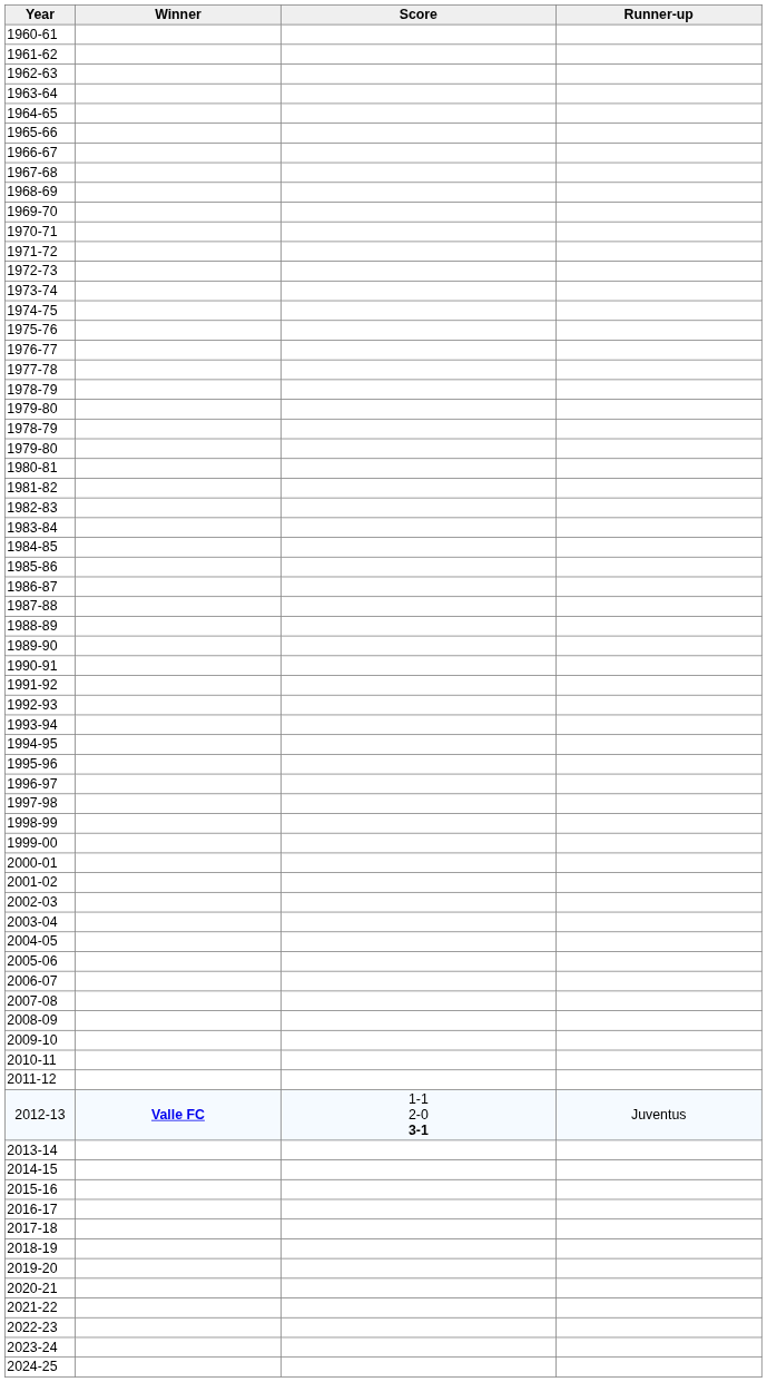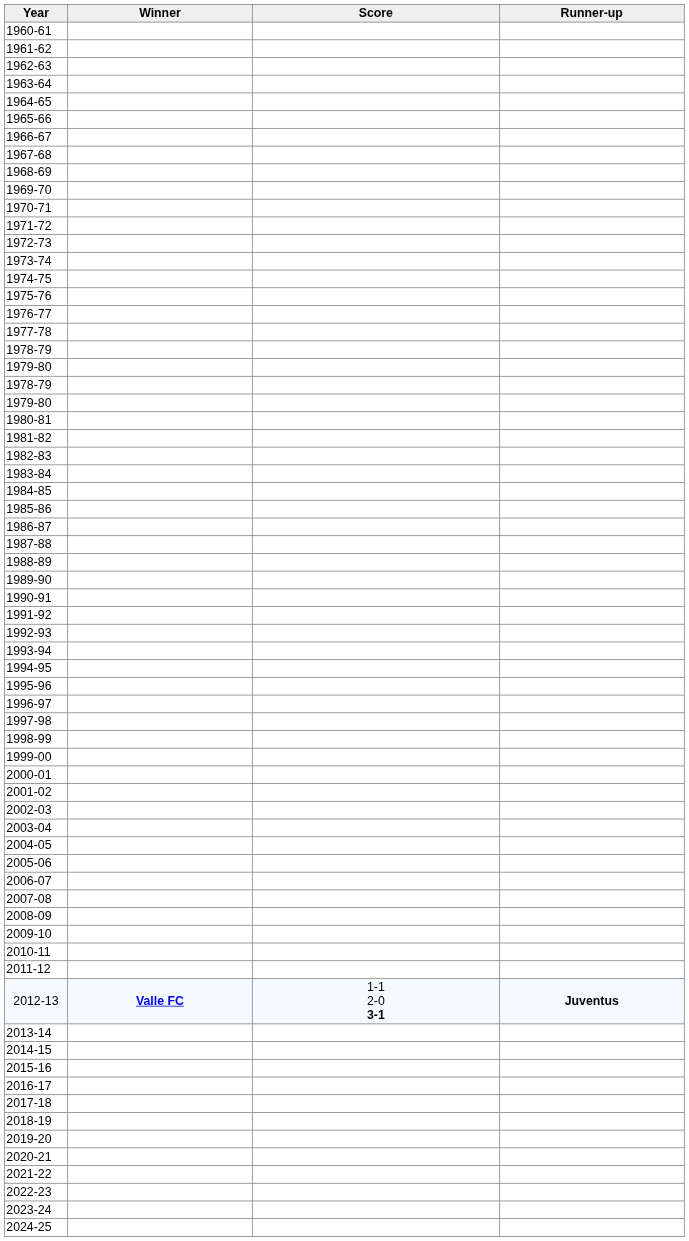 <table border=1 style="border-collapse:collapse" cellpadding=2 cellspacing=0 width=100%>
 <tr align=center style="background:#efefef;">
 <th width=5%>Year</th>
 <th width=15%>Winner</th>
 <th width=20%>Score</th>
 <th width=15%>Runner-up</th>
 </tr>
 <tr>
 <td>1960-61</td>
 <td></td>
 <td></td>
 <td></td>
 </tr>
 <tr>
 <td>1961-62</td>
 <td></td>
 <td></td>
 <td></td>
 </tr>
 <tr>
 <td>1962-63</td>
 <td></td>
 <td></td>
 <td></td>
 </tr>
 <tr>
 <td>1963-64</td>
 <td></td>
 <td></td>
 <td></td>
 </tr>
 <tr>
 <td>1964-65</td>
 <td></td>
 <td></td>
 <td></td>
 </tr>
 <tr>
 <td>1965-66</td>
 <td></td>
 <td></td>
 <td></td>
 </tr>
 <tr>
 <td>1966-67</td>
 <td></td>
 <td></td>
 <td></td>
 </tr>
 <tr>
 <td>1967-68</td>
 <td></td>
 <td></td>
 <td></td>
 </tr>
 <tr>
 <td>1968-69</td>
 <td></td>
 <td></td>
 <td></td>
 </tr>
 <tr>
 <td>1969-70</td>
 <td></td>
 <td></td>
 <td></td>
 </tr>
 <tr>
 <td>1970-71</td>
 <td></td>
 <td></td>
 <td></td>
 </tr>
 <tr>
 <td>1971-72</td>
 <td></td>
 <td></td>
 <td></td>
 </tr>
 <tr>
 <td>1972-73</td>
 <td></td>
 <td></td>
 <td></td>
 </tr>
 <tr>
 <td>1973-74</td>
 <td></td>
 <td></td>
 <td></td>
 </tr>
 <tr>
 <td>1974-75</td>
 <td></td>
 <td></td>
 <td></td>
 </tr>
 <tr>
 <td>1975-76</td>
 <td></td>
 <td></td>
 <td></td>
 </tr>
 <tr>
 <td>1976-77</td>
 <td></td>
 <td></td>
 <td></td>
 </tr>
 <tr>
 <td>1977-78</td>
 <td></td>
 <td></td>
 <td></td>
 </tr>
 <tr>
 <td>1978-79</td>
 <td></td>
 <td></td>
 <td></td>
 </tr>
 <tr>
 <td>1979-80</td>
 <td></td>
 <td></td>
 <td></td>
 </tr>
 <tr>
 <td>1978-79</td>
 <td></td>
 <td></td>
 <td></td>
 </tr>
 <tr>
 <td>1979-80</td>
 <td></td>
 <td></td>
 <td></td>
 </tr>
 <tr>
 <td>1980-81</td>
 <td></td>
 <td></td>
 <td></td>
 </tr>
 <tr>
 <td>1981-82</td>
 <td></td>
 <td></td>
 <td></td>
 </tr>
 <tr>
 <td>1982-83</td>
 <td></td>
 <td></td>
 <td></td>
 </tr>
 <tr>
 <td>1983-84</td>
 <td></td>
 <td></td>
 <td></td>
 </tr>
 <tr>
 <td>1984-85</td>
 <td></td>
 <td></td>
 <td></td>
 </tr>
 <tr>
 <td>1985-86</td>
 <td></td>
 <td></td>
 <td></td>
 </tr>
 <tr>
 <td>1986-87</td>
 <td></td>
 <td></td>
 <td></td>
 </tr>
 <tr>
 <td>1987-88</td>
 <td></td>
 <td></td>
 <td></td>
 </tr>
 <tr>
 <td>1988-89</td>
 <td></td>
 <td></td>
 <td></td>
 </tr>
 <tr>
 <td>1989-90</td>
 <td></td>
 <td></td>
 <td></td>
 </tr>
 <tr>
 <td>1990-91</td>
 <td></td>
 <td></td>
 <td></td>
 </tr>
 <tr>
 <td>1991-92</td>
 <td></td>
 <td></td>
 <td></td>
 </tr>
 <tr>
 <td>1992-93</td>
 <td></td>
 <td></td>
 <td></td>
 </tr>
 <tr>
 <td>1993-94</td>
 <td></td>
 <td></td>
 <td></td>
 </tr>
 <tr>
 <td>1994-95</td>
 <td></td>
 <td></td>
 <td></td>
 </tr>
 <tr>
 <td>1995-96</td>
 <td></td>
 <td></td>
 <td></td>
 </tr>
 <tr>
 <td>1996-97</td>
 <td></td>
 <td></td>
 <td></td>
 </tr>
 <tr>
 <td>1997-98</td>
 <td></td>
 <td></td>
 <td></td>
 </tr>
 <tr>
 <td>1998-99</td>
 <td></td>
 <td></td>
 <td></td>
 </tr>
 <tr>
 <td>1999-00</td>
 <td></td>
 <td></td>
 <td></td>
 </tr>
 <tr>
 <td>2000-01</td>
 <td></td>
 <td></td>
 <td></td>
 </tr>
 <tr>
 <td>2001-02</td>
 <td></td>
 <td></td>
 <td></td>
 </tr>
 <tr>
 <td>2002-03</td>
 <td></td>
 <td></td>
 <td></td>
 </tr>
 <tr>
 <td>2003-04</td>
 <td></td>
 <td></td>
 <td></td>
 </tr>
 <tr>
 <td>2004-05</td>
 <td></td>
 <td></td>
 <td></td>
 </tr>
 <tr>
 <td>2005-06</td>
 <td></td>
 <td></td>
 <td></td>
 </tr>
 <tr>
 <td>2006-07</td>
 <td></td>
 <td></td>
 <td></td>
 </tr>
 <tr>
 <td>2007-08</td>
 <td></td>
 <td></td>
 <td></td>
 </tr>
 <tr>
 <td>2008-09</td>
 <td></td>
 <td></td>
 <td></td>
 </tr>
 <tr>
 <td>2009-10</td>
 <td></td>
 <td></td>
 <td></td>
 </tr>
 <tr>
 <td>2010-11</td>
 <td></td>
 <td></td>
 <td></td>
 </tr>
 <tr>
 <td>2011-12</td>
 <td></td>
 <td></td>
 <td></td>
 </tr>
 <tr align=center bgcolor=#F5FAFF>
 <td>2012-13</td>
 <td><strong><a href='#'>Valle FC</a></strong></td>
 <td>1-1<br>2-0<br><strong>3-1</strong></td>
-<td>Juventus</td>
+<td><strong>Juventus</strong></td>
 </tr>
 <tr>
 <td>2013-14</td>
 <td></td>
 <td></td>
 <td></td>
 </tr>
 <tr>
 <td>2014-15</td>
 <td></td>
 <td></td>
 <td></td>
 </tr>
 <tr>
 <td>2015-16</td>
 <td></td>
 <td></td>
 <td></td>
 </tr>
 <tr>
 <td>2016-17</td>
 <td></td>
 <td></td>
 <td></td>
 </tr>
 <tr>
 <td>2017-18</td>
 <td></td>
 <td></td>
 <td></td>
 </tr>
 <tr>
 <td>2018-19</td>
 <td></td>
 <td></td>
 <td></td>
 </tr>
 <tr>
 <td>2019-20</td>
 <td></td>
 <td></td>
 <td></td>
 </tr>
 <tr>
 <td>2020-21</td>
 <td></td>
 <td></td>
 <td></td>
 </tr>
 <tr>
 <td>2021-22</td>
 <td></td>
 <td></td>
 <td></td>
 </tr>
 <tr>
 <td>2022-23</td>
 <td></td>
 <td></td>
 <td></td>
 </tr>
 <tr>
 <td>2023-24</td>
 <td></td>
 <td></td>
 <td></td>
 </tr>
 <tr>
 <td>2024-25</td>
 <td></td>
 <td></td>
 <td></td>
 </tr>
 </table>
